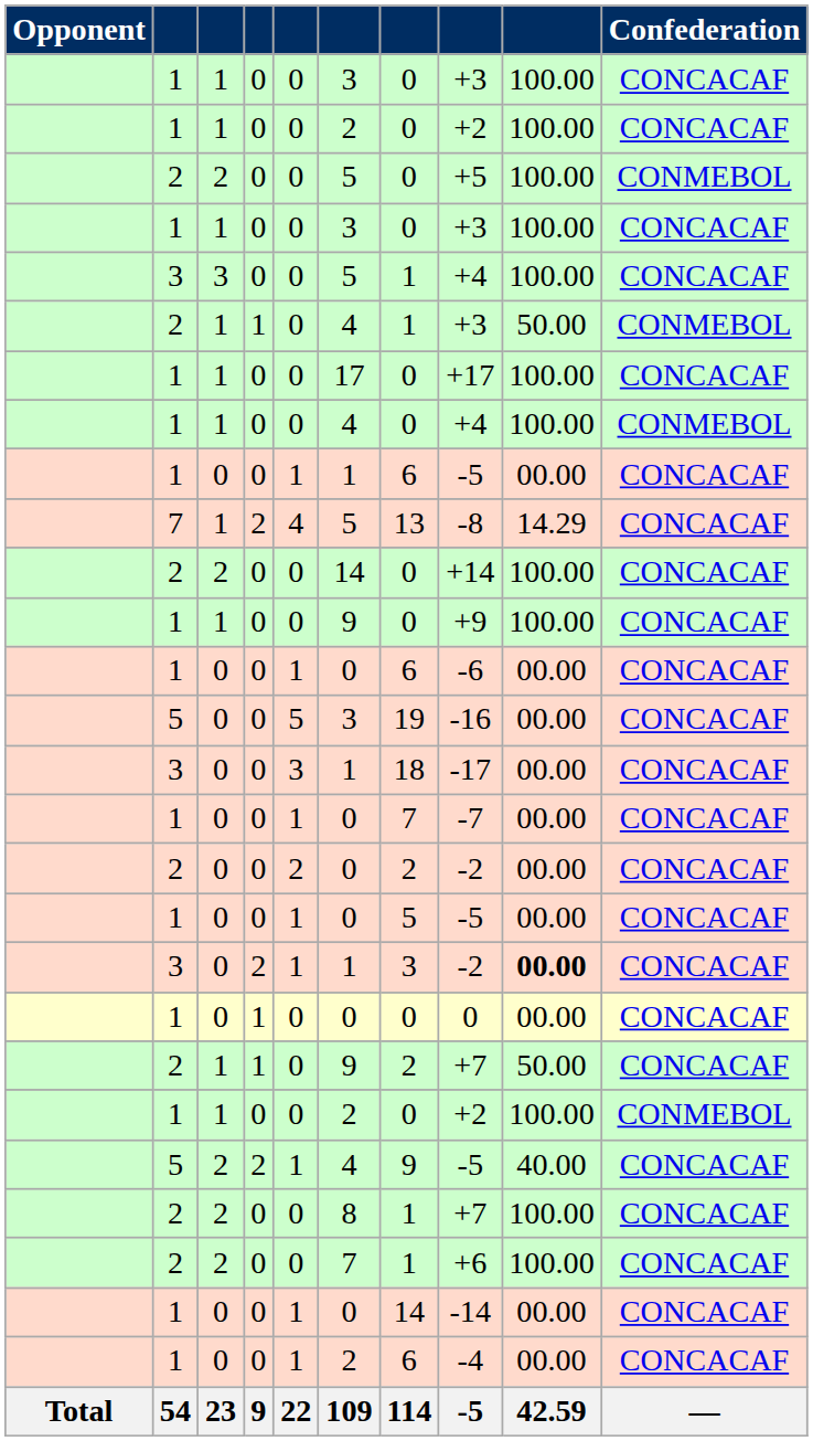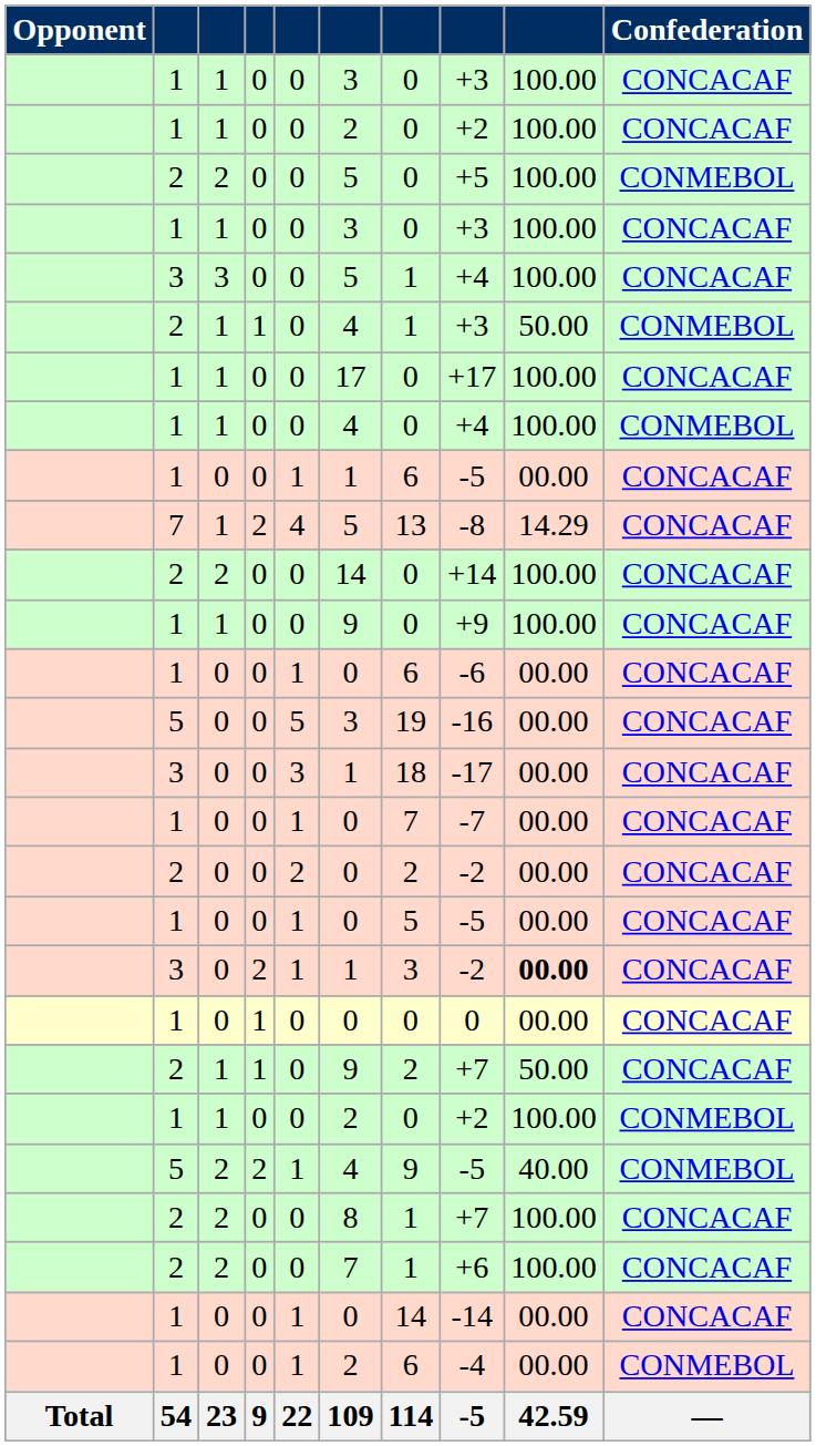 <table class="wikitable sortable" style="text-align:center;">
 <tr style="color:white">
 <th style="background-color:#002D62;color:white">Opponent</th>
 <th style="background-color:#002D62;"></th>
 <th style="background-color:#002D62;"></th>
 <th style="background-color:#002D62;"></th>
 <th style="background-color:#002D62;"></th>
 <th style="background-color:#002D62;"></th>
 <th style="background-color:#002D62;"></th>
 <th style="background-color:#002D62;"></th>
 <th style="background-color:#002D62;"></th>
 <th style="background-color:#002D62;color:white">Confederation</th>
 </tr>
 <tr bgcolor=CCFFCC>
 <td style="text-align:left;"></td>
 <td>1</td>
 <td>1</td>
 <td>0</td>
 <td>0</td>
 <td>3</td>
 <td>0</td>
 <td>+3</td>
 <td>100.00</td>
 <td><a href='#'>CONCACAF</a></td>
 </tr>
 <tr bgcolor=CCFFCC>
 <td style="text-align:left;"></td>
 <td>1</td>
 <td>1</td>
 <td>0</td>
 <td>0</td>
 <td>2</td>
 <td>0</td>
 <td>+2</td>
 <td>100.00</td>
 <td><a href='#'>CONCACAF</a></td>
 </tr>
 <tr bgcolor=CCFFCC>
 <td style="text-align:left;"></td>
 <td>2</td>
 <td>2</td>
 <td>0</td>
 <td>0</td>
 <td>5</td>
 <td>0</td>
 <td>+5</td>
 <td>100.00</td>
 <td><a href='#'>CONMEBOL</a></td>
 </tr>
 <tr bgcolor=CCFFCC>
 <td style="text-align:left;"></td>
 <td>1</td>
 <td>1</td>
 <td>0</td>
 <td>0</td>
 <td>3</td>
 <td>0</td>
 <td>+3</td>
 <td>100.00</td>
 <td><a href='#'>CONCACAF</a></td>
 </tr>
 <tr bgcolor=CCFFCC>
 <td style="text-align:left;"></td>
 <td>3</td>
 <td>3</td>
 <td>0</td>
 <td>0</td>
 <td>5</td>
 <td>1</td>
 <td>+4</td>
 <td>100.00</td>
 <td><a href='#'>CONCACAF</a></td>
 </tr>
 <tr bgcolor=CCFFCC>
 <td style="text-align:left;"></td>
 <td>2</td>
 <td>1</td>
 <td>1</td>
 <td>0</td>
 <td>4</td>
 <td>1</td>
 <td>+3</td>
 <td>50.00</td>
 <td><a href='#'>CONMEBOL</a></td>
 </tr>
 <tr bgcolor=CCFFCC>
 <td style="text-align:left;"></td>
 <td>1</td>
 <td>1</td>
 <td>0</td>
 <td>0</td>
 <td>17</td>
 <td>0</td>
 <td>+17</td>
 <td>100.00</td>
 <td><a href='#'>CONCACAF</a></td>
 </tr>
 <tr bgcolor=CCFFCC>
 <td style="text-align:left;"></td>
 <td>1</td>
 <td>1</td>
 <td>0</td>
 <td>0</td>
 <td>4</td>
 <td>0</td>
 <td>+4</td>
 <td>100.00</td>
 <td><a href='#'>CONMEBOL</a></td>
 </tr>
 <tr bgcolor=FFDACC>
 <td style="text-align:left;"></td>
 <td>1</td>
 <td>0</td>
 <td>0</td>
 <td>1</td>
 <td>1</td>
 <td>6</td>
 <td>-5</td>
 <td>00.00</td>
 <td><a href='#'>CONCACAF</a></td>
 </tr>
 <tr bgcolor=FFDACC>
 <td style="text-align:left;"></td>
 <td>7</td>
 <td>1</td>
 <td>2</td>
 <td>4</td>
 <td>5</td>
 <td>13</td>
 <td>-8</td>
 <td>14.29</td>
 <td><a href='#'>CONCACAF</a></td>
 </tr>
 <tr bgcolor=CCFFCC>
 <td style="text-align:left;"></td>
 <td>2</td>
 <td>2</td>
 <td>0</td>
 <td>0</td>
 <td>14</td>
 <td>0</td>
 <td>+14</td>
 <td>100.00</td>
 <td><a href='#'>CONCACAF</a></td>
 </tr>
 <tr bgcolor=CCFFCC>
 <td style="text-align:left;"></td>
 <td>1</td>
 <td>1</td>
 <td>0</td>
 <td>0</td>
 <td>9</td>
 <td>0</td>
 <td>+9</td>
 <td>100.00</td>
 <td><a href='#'>CONCACAF</a></td>
 </tr>
 <tr bgcolor=FFDACC>
 <td style="text-align:left;"></td>
 <td>1</td>
 <td>0</td>
 <td>0</td>
 <td>1</td>
 <td>0</td>
 <td>6</td>
 <td>-6</td>
 <td>00.00</td>
 <td><a href='#'>CONCACAF</a></td>
 </tr>
 <tr bgcolor=FFDACC>
 <td style="text-align:left;"></td>
 <td>5</td>
 <td>0</td>
 <td>0</td>
 <td>5</td>
 <td>3</td>
 <td>19</td>
 <td>-16</td>
 <td>00.00</td>
 <td><a href='#'>CONCACAF</a></td>
 </tr>
 <tr bgcolor=FFDACC>
 <td style="text-align:left;"></td>
 <td>3</td>
 <td>0</td>
 <td>0</td>
 <td>3</td>
 <td>1</td>
 <td>18</td>
 <td>-17</td>
 <td>00.00</td>
 <td><a href='#'>CONCACAF</a></td>
 </tr>
 <tr bgcolor=FFDACC>
 <td style="text-align:left;"></td>
 <td>1</td>
 <td>0</td>
 <td>0</td>
 <td>1</td>
 <td>0</td>
 <td>7</td>
 <td>-7</td>
 <td>00.00</td>
 <td><a href='#'>CONCACAF</a></td>
 </tr>
 <tr bgcolor=FFDACC>
 <td style="text-align:left;"></td>
 <td>2</td>
 <td>0</td>
 <td>0</td>
 <td>2</td>
 <td>0</td>
 <td>2</td>
 <td>-2</td>
 <td>00.00</td>
 <td><a href='#'>CONCACAF</a></td>
 </tr>
 <tr bgcolor=FFDACC>
 <td style="text-align:left;"></td>
 <td>1</td>
 <td>0</td>
 <td>0</td>
 <td>1</td>
 <td>0</td>
 <td>5</td>
 <td>-5</td>
 <td>00.00</td>
 <td><a href='#'>CONCACAF</a></td>
 </tr>
 <tr bgcolor=FFDACC>
 <td style="text-align:left;"></td>
 <td>3</td>
 <td>0</td>
 <td>2</td>
 <td>1</td>
 <td>1</td>
 <td>3</td>
 <td>-2</td>
 <td><strong>00.00</strong></td>
 <td><a href='#'>CONCACAF</a></td>
 </tr>
 <tr bgcolor=FFFFCC>
 <td style="text-align:left;"></td>
 <td>1</td>
 <td>0</td>
 <td>1</td>
 <td>0</td>
 <td>0</td>
 <td>0</td>
 <td>0</td>
 <td>00.00</td>
 <td><a href='#'>CONCACAF</a></td>
 </tr>
 <tr bgcolor=CCFFCC>
 <td style="text-align:left;"></td>
 <td>2</td>
 <td>1</td>
 <td>1</td>
 <td>0</td>
 <td>9</td>
 <td>2</td>
 <td>+7</td>
 <td>50.00</td>
 <td><a href='#'>CONCACAF</a></td>
 </tr>
 <tr bgcolor=CCFFCC>
 <td style="text-align:left;"></td>
 <td>1</td>
 <td>1</td>
 <td>0</td>
 <td>0</td>
 <td>2</td>
 <td>0</td>
 <td>+2</td>
 <td>100.00</td>
 <td><a href='#'>CONMEBOL</a></td>
 </tr>
 <tr bgcolor=CCFFCC>
 <td style="text-align:left;"></td>
 <td>5</td>
 <td>2</td>
 <td>2</td>
 <td>1</td>
 <td>4</td>
 <td>9</td>
 <td>-5</td>
 <td>40.00</td>
-<td><a href='#'>CONCACAF</a></td>
+<td><a href='#'>CONMEBOL</a></td>
 </tr>
 <tr bgcolor=CCFFCC>
 <td style="text-align:left;"></td>
 <td>2</td>
 <td>2</td>
 <td>0</td>
 <td>0</td>
 <td>8</td>
 <td>1</td>
 <td>+7</td>
 <td>100.00</td>
 <td><a href='#'>CONCACAF</a></td>
 </tr>
 <tr bgcolor=CCFFCC>
 <td style="text-align:left;"></td>
 <td>2</td>
 <td>2</td>
 <td>0</td>
 <td>0</td>
 <td>7</td>
 <td>1</td>
 <td>+6</td>
 <td>100.00</td>
 <td><a href='#'>CONCACAF</a></td>
 </tr>
 <tr bgcolor=FFDACC>
 <td style="text-align:left;"></td>
 <td>1</td>
 <td>0</td>
 <td>0</td>
 <td>1</td>
 <td>0</td>
 <td>14</td>
 <td>-14</td>
 <td>00.00</td>
 <td><a href='#'>CONCACAF</a></td>
 </tr>
 <tr bgcolor=FFDACC>
 <td style="text-align:left;"></td>
 <td>1</td>
 <td>0</td>
 <td>0</td>
 <td>1</td>
 <td>2</td>
 <td>6</td>
 <td>-4</td>
 <td>00.00</td>
-<td><a href='#'>CONCACAF</a></td>
+<td><a href='#'>CONMEBOL</a></td>
 </tr>
 <tr>
 <th>Total</th>
 <th>54</th>
 <th>23</th>
 <th>9</th>
 <th>22</th>
 <th>109</th>
 <th>114</th>
 <th>-5</th>
 <th>42.59</th>
 <th>—</th>
 </tr>
 </table>
